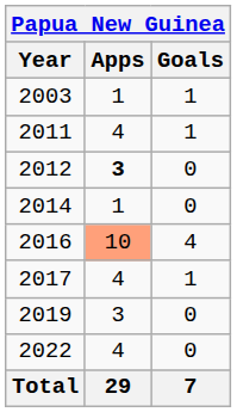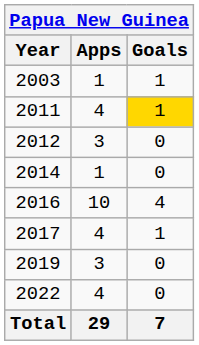 <table class="wikitable" style="text-align:center">
 <tr>
 <th colspan="3"><a href='#'>Papua New Guinea</a></th>
 </tr>
 <tr>
 <th>Year</th>
 <th>Apps</th>
 <th>Goals</th>
 </tr>
 <tr>
 <td>2003</td>
 <td>1</td>
 <td>1</td>
 </tr>
 <tr>
 <td>2011</td>
 <td>4</td>
-<td>1</td>
+<td style="background: gold;">1</td>
 </tr>
 <tr>
 <td>2012</td>
-<td><strong>3</strong></td>
+<td>3</td>
 <td>0</td>
 </tr>
 <tr>
 <td>2014</td>
 <td>1</td>
 <td>0</td>
 </tr>
 <tr>
 <td>2016</td>
-<td style="background: lightsalmon;">10</td>
+<td>10</td>
 <td>4</td>
 </tr>
 <tr>
 <td>2017</td>
 <td>4</td>
 <td>1</td>
 </tr>
 <tr>
 <td>2019</td>
 <td>3</td>
 <td>0</td>
 </tr>
 <tr>
 <td>2022</td>
 <td>4</td>
 <td>0</td>
 </tr>
 <tr>
 <th>Total</th>
 <th>29</th>
 <th>7</th>
 </tr>
 </table>
